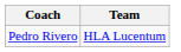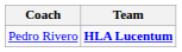 <table class="wikitable">
 <tr>
 <th style="text-align:center;">Coach</th>
 <th style="text-align:center;">Team</th>
 </tr>
 <tr>
 <td> <a href='#'>Pedro Rivero</a></td>
-<td><a href='#'>HLA Lucentum</a></td>
+<td><strong><a href='#'>HLA Lucentum</a></strong></td>
 </tr>
 </table>
